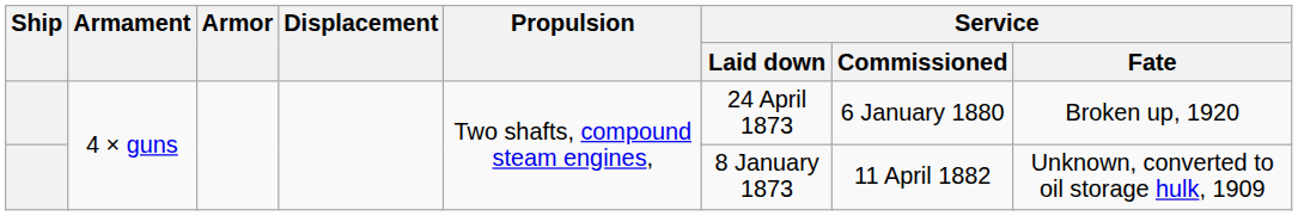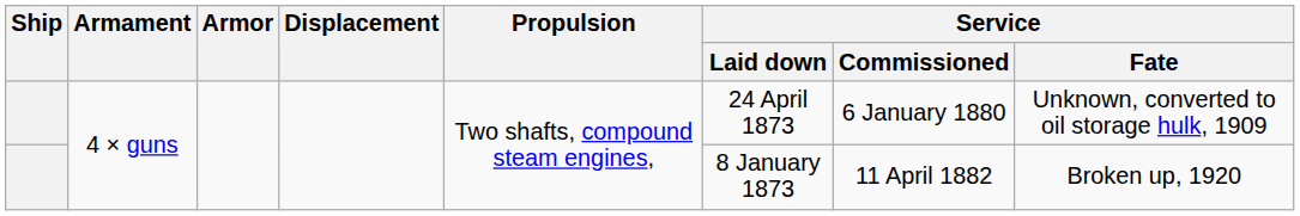 <table class="wikitable plainrowheaders" style="text-align: center;">
 <tr valign="top">
 <th scope="col" rowspan="2">Ship</th>
 <th scope="col" rowspan="2">Armament</th>
 <th scope="col" rowspan="2">Armor</th>
 <th scope="col" rowspan="2">Displacement</th>
 <th scope="col" rowspan="2">Propulsion</th>
 <th scope="col" colspan="3">Service</th>
 </tr>
 <tr valign="top">
 <th scope="col">Laid down</th>
 <th scope="col">Commissioned</th>
 <th scope="col">Fate</th>
 </tr>
 <tr valign="center">
 <th scope="row"></th>
 <td rowspan="2">4 × <a href='#'> guns</a></td>
 <td rowspan="2"></td>
 <td rowspan="2"></td>
 <td rowspan="2">Two shafts, <a href='#'>compound steam engines</a>, </td>
 <td>24 April 1873</td>
 <td>6 January 1880</td>
-<td>Broken up, 1920</td>
+<td>Unknown, converted to oil storage <a href='#'>hulk</a>, 1909</td>
 </tr>
 <tr valign="center">
 <th scope="row"></th>
 <td>8 January 1873</td>
 <td>11 April 1882</td>
-<td>Unknown, converted to oil storage <a href='#'>hulk</a>, 1909</td>
+<td>Broken up, 1920</td>
 </tr>
 </table>
